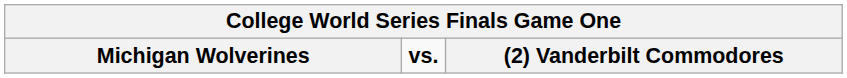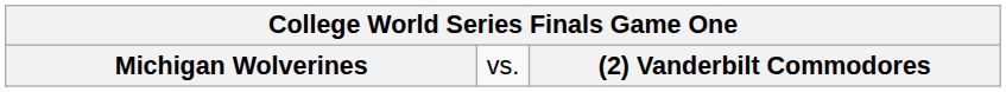 <table class="wikitable">
 <tr>
 <th style="width: 604px;" colspan=3>College World Series Finals Game One</th>
 </tr>
 <tr>
 <th style="width: 289px; ">Michigan Wolverines</th>
-<td style="width: 25px; text-align:center"><strong>vs.</strong></td>
+<td style="width: 25px; text-align:center">vs.</td>
 <th style="width: 289px; ">(2) Vanderbilt Commodores</th>
 </tr>
 </table>
